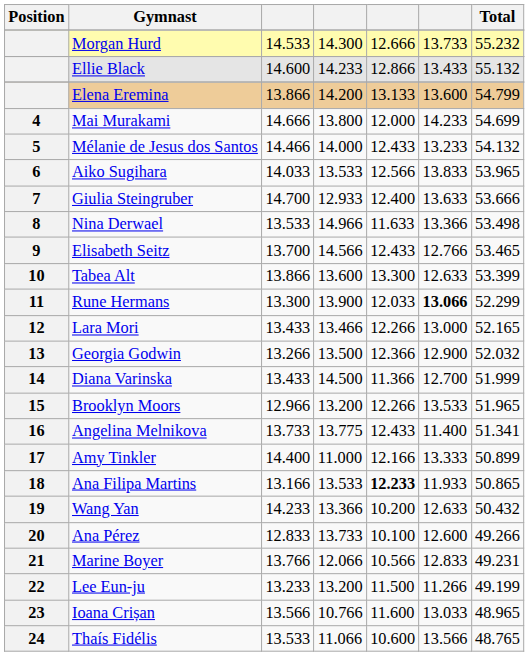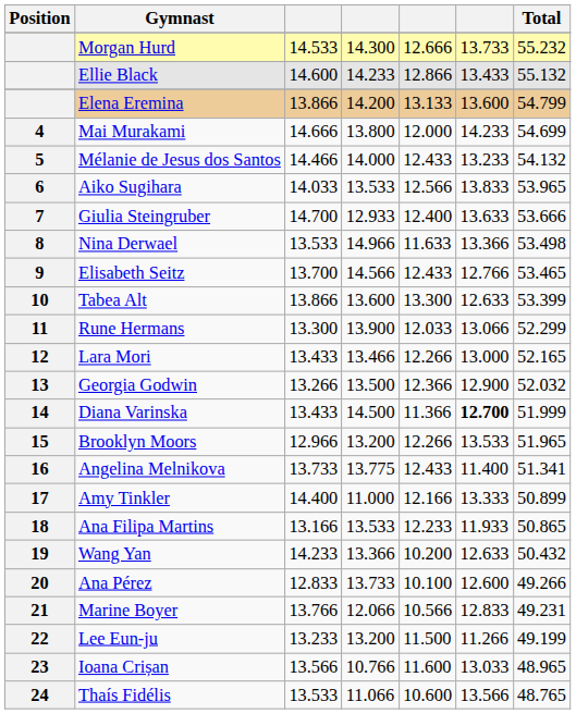 <table class="wikitable sortable">
 <tr>
 <th>Position</th>
 <th>Gymnast</th>
 <th></th>
 <th></th>
 <th></th>
 <th></th>
 <th>Total</th>
 </tr>
 <tr>
 </tr>
 <tr style="background:#fffcaf;">
 <th scope="row" style="text-align:center"></th>
 <td> <a href='#'>Morgan Hurd</a></td>
 <td>14.533</td>
 <td>14.300</td>
 <td>12.666</td>
 <td>13.733</td>
 <td>55.232</td>
 </tr>
 <tr>
 </tr>
 <tr style="background:#e5e5e5;">
 <th scope="row" style="text-align:center"></th>
 <td> <a href='#'>Ellie Black</a></td>
 <td>14.600</td>
 <td>14.233</td>
 <td>12.866</td>
 <td>13.433</td>
 <td>55.132</td>
 </tr>
 <tr>
 </tr>
 <tr style="background:#ec9;">
 <th scope="row" style="text-align:center"></th>
 <td> <a href='#'>Elena Eremina</a></td>
 <td>13.866</td>
 <td>14.200</td>
 <td>13.133</td>
 <td>13.600</td>
 <td>54.799</td>
 </tr>
 <tr>
 <th>4</th>
 <td> <a href='#'>Mai Murakami</a></td>
 <td>14.666</td>
 <td>13.800</td>
 <td>12.000</td>
 <td>14.233</td>
 <td>54.699</td>
 </tr>
 <tr>
 <th>5</th>
 <td> <a href='#'>Mélanie de Jesus dos Santos</a></td>
 <td>14.466</td>
 <td>14.000</td>
 <td>12.433</td>
 <td>13.233</td>
 <td>54.132</td>
 </tr>
 <tr>
 <th>6</th>
 <td> <a href='#'>Aiko Sugihara</a></td>
 <td>14.033</td>
 <td>13.533</td>
 <td>12.566</td>
 <td>13.833</td>
 <td>53.965</td>
 </tr>
 <tr>
 <th>7</th>
 <td> <a href='#'>Giulia Steingruber</a></td>
 <td>14.700</td>
 <td>12.933</td>
 <td>12.400</td>
 <td>13.633</td>
 <td>53.666</td>
 </tr>
 <tr>
 <th>8</th>
 <td> <a href='#'>Nina Derwael</a></td>
 <td>13.533</td>
 <td>14.966</td>
 <td>11.633</td>
 <td>13.366</td>
 <td>53.498</td>
 </tr>
 <tr>
 <th>9</th>
 <td> <a href='#'>Elisabeth Seitz</a></td>
 <td>13.700</td>
 <td>14.566</td>
 <td>12.433</td>
 <td>12.766</td>
 <td>53.465</td>
 </tr>
 <tr>
 <th>10</th>
 <td> <a href='#'>Tabea Alt</a></td>
 <td>13.866</td>
 <td>13.600</td>
 <td>13.300</td>
 <td>12.633</td>
 <td>53.399</td>
 </tr>
 <tr>
 <th>11</th>
 <td> <a href='#'>Rune Hermans</a></td>
 <td>13.300</td>
 <td>13.900</td>
 <td>12.033</td>
-<td><strong>13.066</strong></td>
+<td>13.066</td>
 <td>52.299</td>
 </tr>
 <tr>
 <th>12</th>
 <td> <a href='#'>Lara Mori</a></td>
 <td>13.433</td>
 <td>13.466</td>
 <td>12.266</td>
 <td>13.000</td>
 <td>52.165</td>
 </tr>
 <tr>
 <th>13</th>
 <td> <a href='#'>Georgia Godwin</a></td>
 <td>13.266</td>
 <td>13.500</td>
 <td>12.366</td>
 <td>12.900</td>
 <td>52.032</td>
 </tr>
 <tr>
 <th>14</th>
 <td> <a href='#'>Diana Varinska</a></td>
 <td>13.433</td>
 <td>14.500</td>
 <td>11.366</td>
-<td>12.700</td>
+<td><strong>12.700</strong></td>
 <td>51.999</td>
 </tr>
 <tr>
 <th>15</th>
 <td> <a href='#'>Brooklyn Moors</a></td>
 <td>12.966</td>
 <td>13.200</td>
 <td>12.266</td>
 <td>13.533</td>
 <td>51.965</td>
 </tr>
 <tr>
 <th>16</th>
 <td> <a href='#'>Angelina Melnikova</a></td>
 <td>13.733</td>
 <td>13.775</td>
 <td>12.433</td>
 <td>11.400</td>
 <td>51.341</td>
 </tr>
 <tr>
 <th>17</th>
 <td> <a href='#'>Amy Tinkler</a></td>
 <td>14.400</td>
 <td>11.000</td>
 <td>12.166</td>
 <td>13.333</td>
 <td>50.899</td>
 </tr>
 <tr>
 <th>18</th>
 <td> <a href='#'>Ana Filipa Martins</a></td>
 <td>13.166</td>
 <td>13.533</td>
-<td><strong>12.233</strong></td>
+<td>12.233</td>
 <td>11.933</td>
 <td>50.865</td>
 </tr>
 <tr>
 <th>19</th>
 <td> <a href='#'>Wang Yan</a></td>
 <td>14.233</td>
 <td>13.366</td>
 <td>10.200</td>
 <td>12.633</td>
 <td>50.432</td>
 </tr>
 <tr>
 <th>20</th>
 <td> <a href='#'>Ana Pérez</a></td>
 <td>12.833</td>
 <td>13.733</td>
 <td>10.100</td>
 <td>12.600</td>
 <td>49.266</td>
 </tr>
 <tr>
 <th>21</th>
 <td> <a href='#'>Marine Boyer</a></td>
 <td>13.766</td>
 <td>12.066</td>
 <td>10.566</td>
 <td>12.833</td>
 <td>49.231</td>
 </tr>
 <tr>
 <th>22</th>
 <td> <a href='#'>Lee Eun-ju</a></td>
 <td>13.233</td>
 <td>13.200</td>
 <td>11.500</td>
 <td>11.266</td>
 <td>49.199</td>
 </tr>
 <tr>
 <th>23</th>
 <td> <a href='#'>Ioana Crișan</a></td>
 <td>13.566</td>
 <td>10.766</td>
 <td>11.600</td>
 <td>13.033</td>
 <td>48.965</td>
 </tr>
 <tr>
 <th>24</th>
 <td> <a href='#'>Thaís Fidélis</a></td>
 <td>13.533</td>
 <td>11.066</td>
 <td>10.600</td>
 <td>13.566</td>
 <td>48.765</td>
 </tr>
 </table>
